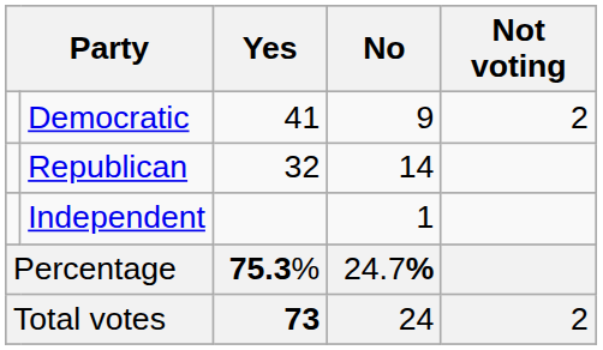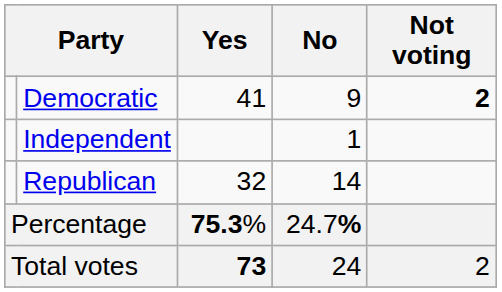 <table class="wikitable" style="margin-right: 1em; background: #f9f9f9; text-align: right;">
 <tr>
 <th colspan="2" scope="col" style="width: 90px">Party</th>
 <th scope="col" style="width: 50px">Yes</th>
 <th scope="col" style="width: 50px">No</th>
 <th scope="col" style="width: 70px">Not voting</th>
 </tr>
 <tr>
 <td scope="row" style="background-color:"></td>
 <td scope="row" style="text-align: left;"><a href='#'>Democratic</a></td>
 <td>41</td>
 <td>9</td>
-<td>2</td>
+<td><strong>2</strong></td>
+</tr>
+<tr>
+<td scope="row" style="background-color:"></td>
+<td scope="row" style="text-align: left;"><a href='#'>Independent</a></td>
+<td></td>
+<td>1</td>
+<td></td>
 </tr>
 <tr>
 <td scope="row" style="background-color:"></td>
 <td scope="row" style="text-align: left;"><a href='#'>Republican</a></td>
 <td>32</td>
 <td>14</td>
-<td></td>
-</tr>
-<tr>
-<td scope="row" style="background-color:"></td>
-<td scope="row" style="text-align: left;"><a href='#'>Independent</a></td>
-<td></td>
-<td>1</td>
 <td></td>
 </tr>
 <tr class="tfoot" style="background:#f2f2f2;" |>
 <td colspan="2" scope="row" style="text-align:left;">Percentage</td>
 <td><strong>75.3</strong>%</td>
 <td>24.7<strong>%</strong></td>
 <td></td>
 </tr>
 <tr class="tfoot" style="background:#f2f2f2;">
 <td colspan="2" scope="row" style="text-align:left;">Total votes</td>
 <td> <strong>73</strong></td>
 <td>24</td>
 <td>2</td>
 </tr>
 </table>
